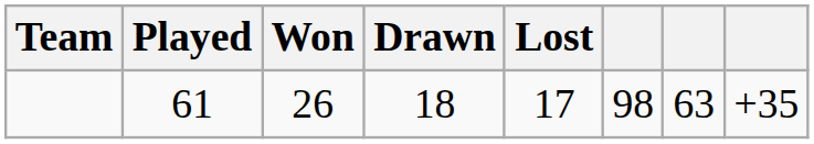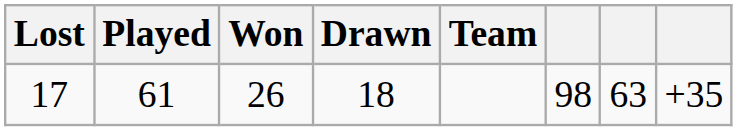 <table class="wikitable" style="text-align:center;">
 <tr>
-<th>Team</th>
+<th>Lost</th>
 <th>Played</th>
 <th>Won</th>
 <th>Drawn</th>
-<th>Lost</th>
+<th>Team</th>
 <th></th>
 <th></th>
 <th></th>
 </tr>
 <tr>
-<td></td>
+<td>17</td>
 <td>61</td>
 <td>26</td>
 <td>18</td>
-<td>17</td>
+<td></td>
 <td>98</td>
 <td>63</td>
 <td>+35</td>
 </tr>
 </table>
